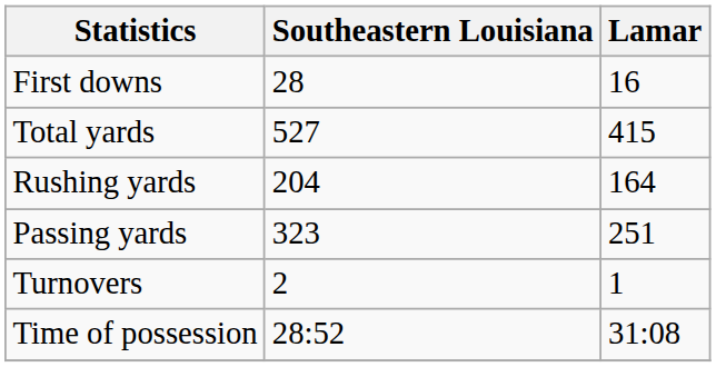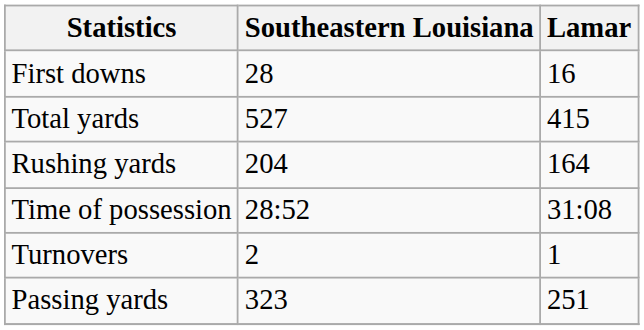 <table class="wikitable" style="float: left;">
 <tr>
 <th>Statistics</th>
 <th><strong>Southeastern Louisiana</strong></th>
 <th><strong>Lamar</strong></th>
 </tr>
 <tr>
 <td>First downs</td>
 <td>28</td>
 <td>16</td>
 </tr>
 <tr>
 <td>Total yards</td>
 <td>527</td>
 <td>415</td>
 </tr>
 <tr>
 <td>Rushing yards</td>
 <td>204</td>
 <td>164</td>
 </tr>
 <tr>
-<td>Passing yards</td>
-<td>323</td>
-<td>251</td>
+<td>Time of possession</td>
+<td>28:52</td>
+<td>31:08</td>
 </tr>
 <tr>
 <td>Turnovers</td>
 <td>2</td>
 <td>1</td>
 </tr>
 <tr>
-<td>Time of possession</td>
-<td>28:52</td>
-<td>31:08</td>
+<td>Passing yards</td>
+<td>323</td>
+<td>251</td>
 </tr>
 <tr>
 </tr>
 </table>
